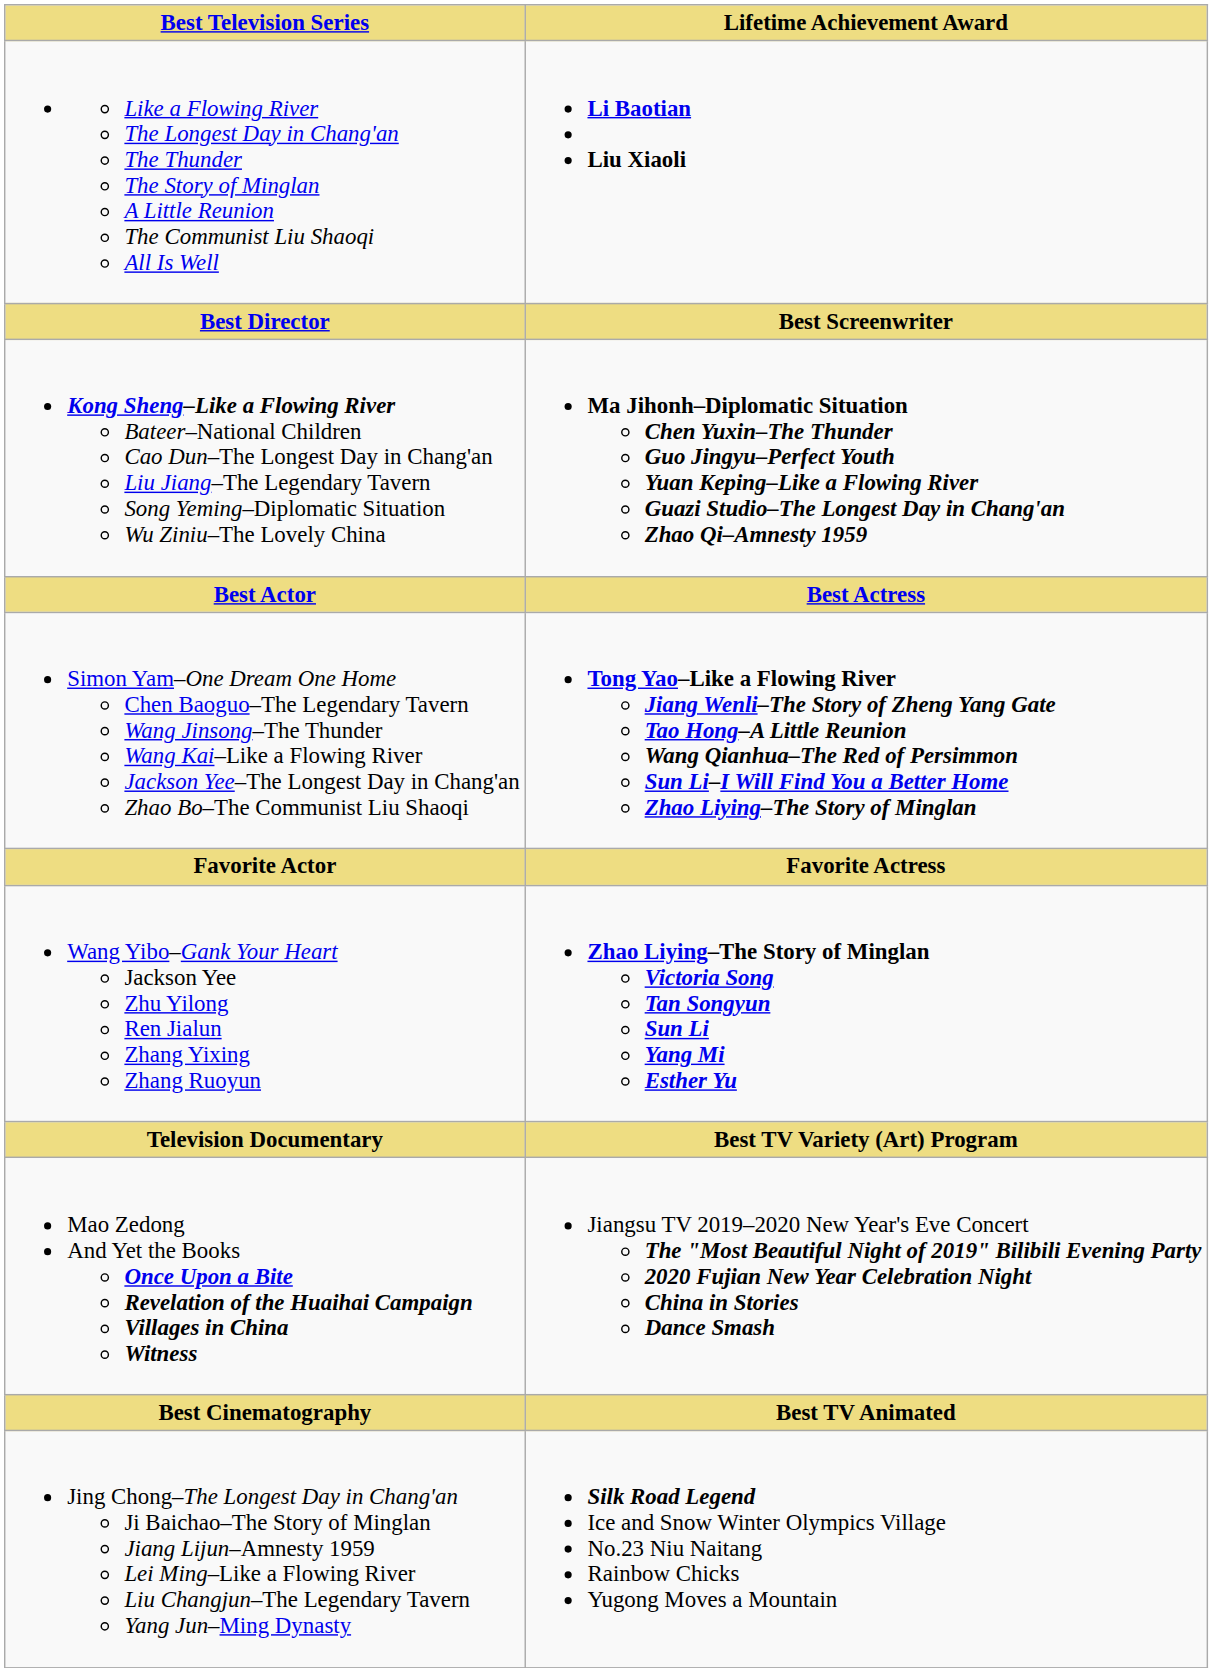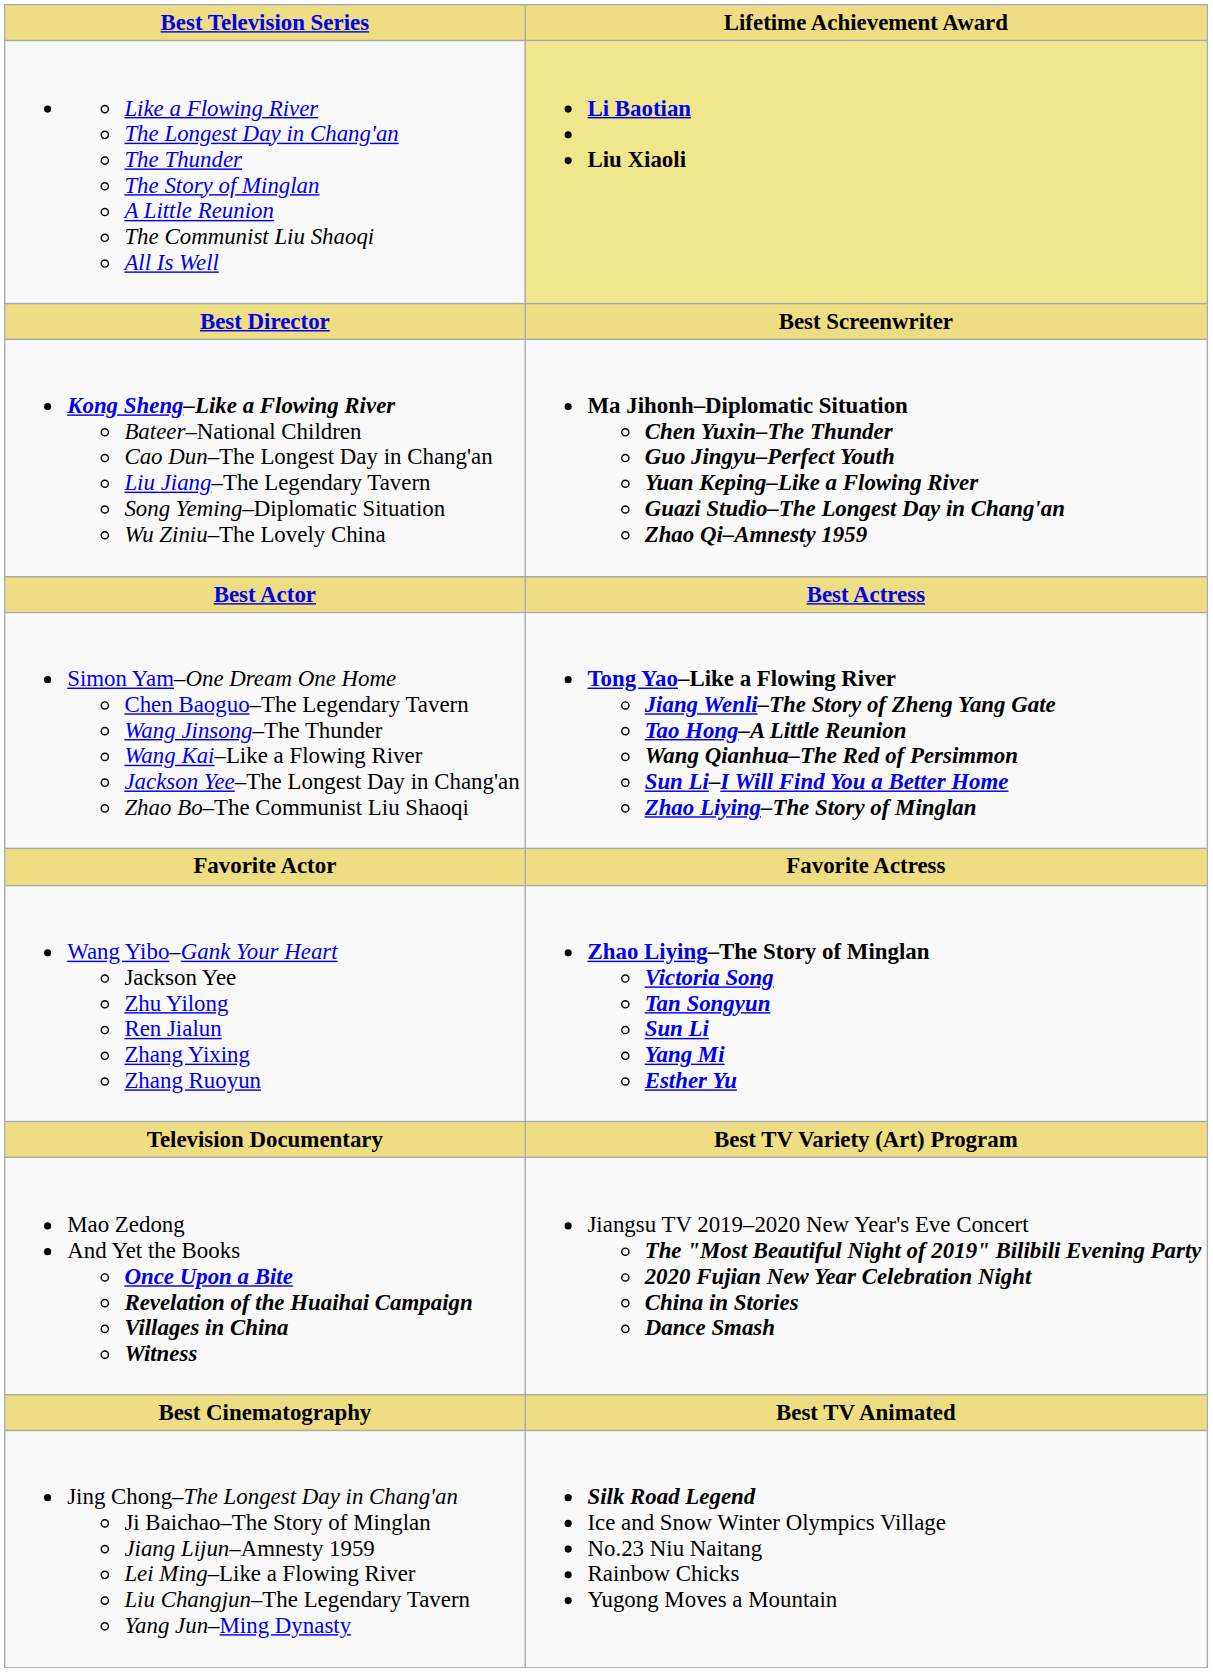 <table class="wikitable">
 <tr>
 <th style="background:#EEDD82; width=50%"><a href='#'>Best Television Series</a></th>
 <th style="background:#EEDD82; width=50%">Lifetime Achievement Award</th>
 </tr>
 <tr>
 <td valign="top"><br><ul><li><strong><em></em></strong><ul><li><em><a href='#'>Like a Flowing River</a></em></li><li><em><a href='#'>The Longest Day in Chang'an</a></em></li><li><em><a href='#'>The Thunder</a></em></li><li><em><a href='#'>The Story of Minglan</a></em></li><li><em><a href='#'>A Little Reunion</a></em></li><li><em>The Communist Liu Shaoqi</em></li><li><em><a href='#'>All Is Well</a></em></li></ul></li></ul></td>
-<td valign="top"><br><ul><li><strong><a href='#'>Li Baotian</a></strong></li><li><strong></strong></li><li><strong>Liu Xiaoli</strong></li></ul></td>
+<td valign="top" style="background: khaki;"><br><ul><li><strong><a href='#'>Li Baotian</a></strong></li><li><strong></strong></li><li><strong>Liu Xiaoli</strong></li></ul></td>
 </tr>
 <tr>
 <th style="background:#EEDD82; width=50%"><a href='#'>Best Director</a></th>
 <th style="background:#EEDD82; width=50%">Best Screenwriter</th>
 </tr>
 <tr>
 <td valign="top"><br><ul><li><strong><em><a href='#'>Kong Sheng</a>–<em>Like a Flowing River</em></strong><ul><li>Bateer–</em>National Children<em></li><li>Cao Dun–</em>The Longest Day in Chang'an<em></li><li><a href='#'>Liu Jiang</a>–</em>The Legendary Tavern<em></li><li>Song Yeming–</em>Diplomatic Situation<em></li><li>Wu Ziniu–</em>The Lovely China<em></li></ul></li></ul></td>
 <td valign="top"><br><ul><li><strong>Ma Jihonh–</em>Diplomatic Situation<strong><em><ul><li>Chen Yuxin–<em>The Thunder</em></li><li>Guo Jingyu–<em>Perfect Youth</em></li><li>Yuan Keping–<em>Like a Flowing River</em></li><li>Guazi Studio–<em>The Longest Day in Chang'an</em></li><li>Zhao Qi–<em>Amnesty 1959</em></li></ul></li></ul></td>
 </tr>
 <tr>
 <th style="background:#EEDD82; width=50%"><a href='#'>Best Actor</a></th>
 <th style="background:#EEDD82; width=50%"><a href='#'>Best Actress</a></th>
 </tr>
 <tr>
 <td valign="top"><br><ul><li></strong><a href='#'>Simon Yam</a>–<em>One Dream One Home</em></strong><ul><li><a href='#'>Chen Baoguo</a>–</em>The Legendary Tavern<em></li><li><a href='#'>Wang Jinsong</a>–</em>The Thunder<em></li><li><a href='#'>Wang Kai</a>–</em>Like a Flowing River<em></li><li><a href='#'>Jackson Yee</a>–</em>The Longest Day in Chang'an<em></li><li>Zhao Bo–</em>The Communist Liu Shaoqi<em></li></ul></li></ul></td>
 <td valign="top"><br><ul><li><strong><a href='#'>Tong Yao</a>–</em>Like a Flowing River<strong><em><ul><li><a href='#'>Jiang Wenli</a>–<em>The Story of Zheng Yang Gate</em></li><li><a href='#'>Tao Hong</a>–<em>A Little Reunion</em></li><li>Wang Qianhua–<em>The Red of Persimmon</em></li><li><a href='#'>Sun Li</a>–<em><a href='#'>I Will Find You a Better Home</a></em></li><li><a href='#'>Zhao Liying</a>–<em>The Story of Minglan</em></li></ul></li></ul></td>
 </tr>
 <tr>
 <th style="background:#EEDD82; width=50%">Favorite Actor</th>
 <th style="background:#EEDD82; width=50%">Favorite Actress</th>
 </tr>
 <tr>
 <td valign="top"><br><ul><li></strong><a href='#'>Wang Yibo</a>–<em><a href='#'>Gank Your Heart</a></em></strong><ul><li>Jackson Yee</li><li><a href='#'>Zhu Yilong</a></li><li><a href='#'>Ren Jialun</a></li><li><a href='#'>Zhang Yixing</a></li><li><a href='#'>Zhang Ruoyun</a></li></ul></li></ul></td>
 <td valign="top"><br><ul><li><strong><a href='#'>Zhao Liying</a>–</em>The Story of Minglan<strong><em><ul><li><a href='#'>Victoria Song</a></li><li><a href='#'>Tan Songyun</a></li><li><a href='#'>Sun Li</a></li><li><a href='#'>Yang Mi</a></li><li><a href='#'>Esther Yu</a></li></ul></li></ul></td>
 </tr>
 <tr>
 <th style="background:#EEDD82; width=50%">Television Documentary</th>
 <th style="background:#EEDD82; width=50%">Best TV Variety (Art) Program</th>
 </tr>
 <tr>
 <td valign="top"><br><ul><li></em></strong>Mao Zedong<strong><em></li><li></em></strong>And Yet the Books<strong><em><ul><li><em><a href='#'>Once Upon a Bite</a></em></li><li><em>Revelation of the Huaihai Campaign</em></li><li><em>Villages in China</em></li><li><em>Witness</em></li></ul></li></ul></td>
 <td valign="top"><br><ul><li></em></strong>Jiangsu TV 2019–2020 New Year's Eve Concert<strong><em><ul><li><em>The "Most Beautiful Night of 2019" Bilibili Evening Party</em></li><li><em>2020 Fujian New Year Celebration Night</em></li><li><em>China in Stories</em></li><li><em>Dance Smash</em></li></ul></li></ul></td>
 </tr>
 <tr>
 <th style="background:#EEDD82; width=50%">Best Cinematography</th>
 <th style="background:#EEDD82; width=50%">Best TV Animated</th>
 </tr>
 <tr>
 <td valign="top"><br><ul><li></strong>Jing Chong–<em>The Longest Day in Chang'an</em></strong><ul><li>Ji Baichao–</em>The Story of Minglan<em></li><li>Jiang Lijun–</em>Amnesty 1959<em></li><li>Lei Ming–</em>Like a Flowing River<em></li><li>Liu Changjun–</em>The Legendary Tavern<em></li><li>Yang Jun–</em><a href='#'>Ming Dynasty</a><em></li></ul></li></ul></td>
 <td valign="top"><br><ul><li><strong><em>Silk Road Legend</em></strong></li><li></em>Ice and Snow Winter Olympics Village<em></li><li></em>No.23 Niu Naitang<em></li><li></em>Rainbow Chicks<em></li><li></em>Yugong Moves a Mountain<em></li></ul></td>
 </tr>
 </table>
